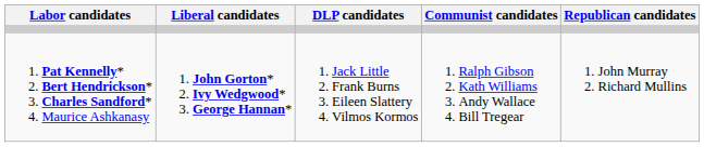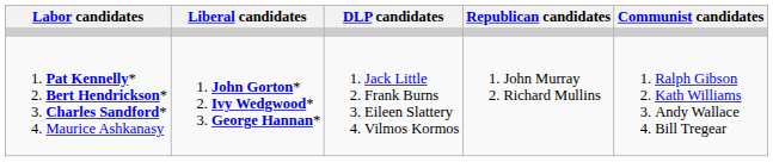 <table class="wikitable">
 <tr>
 <th><a href='#'>Labor</a> candidates</th>
 <th><a href='#'>Liberal</a> candidates</th>
 <th><a href='#'>DLP</a> candidates</th>
+<th><a href='#'>Republican</a> candidates</th>
 <th><a href='#'>Communist</a> candidates</th>
-<th><a href='#'>Republican</a> candidates</th>
 </tr>
 <tr bgcolor="#cccccc">
 <td></td>
 <td></td>
 <td></td>
 <td></td>
 <td></td>
 </tr>
 <tr>
 <td><br><ol><li><strong><a href='#'>Pat Kennelly</a></strong>*</li><li><strong><a href='#'>Bert Hendrickson</a></strong>*</li><li><strong><a href='#'>Charles Sandford</a></strong>*</li><li><a href='#'>Maurice Ashkanasy</a></li></ol></td>
 <td><br><ol><li><strong><a href='#'>John Gorton</a></strong>*</li><li><strong><a href='#'>Ivy Wedgwood</a></strong>*</li><li><strong><a href='#'>George Hannan</a></strong>*</li></ol></td>
 <td valign=top><br><ol><li><a href='#'>Jack Little</a></li><li>Frank Burns</li><li>Eileen Slattery</li><li>Vilmos Kormos</li></ol></td>
+<td valign=top><br><ol><li>John Murray</li><li>Richard Mullins</li></ol></td>
 <td valign=top><br><ol><li><a href='#'>Ralph Gibson</a></li><li><a href='#'>Kath Williams</a></li><li>Andy Wallace</li><li>Bill Tregear</li></ol></td>
-<td valign=top><br><ol><li>John Murray</li><li>Richard Mullins</li></ol></td>
 </tr>
 </table>
